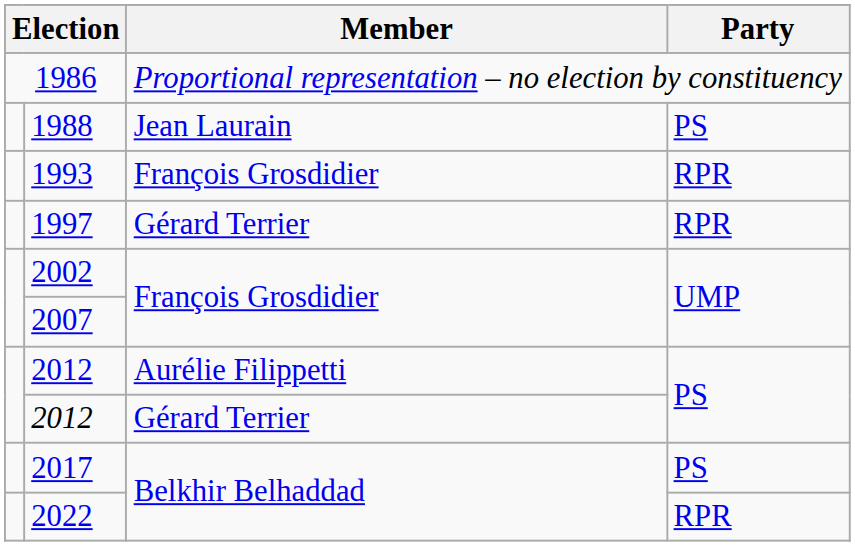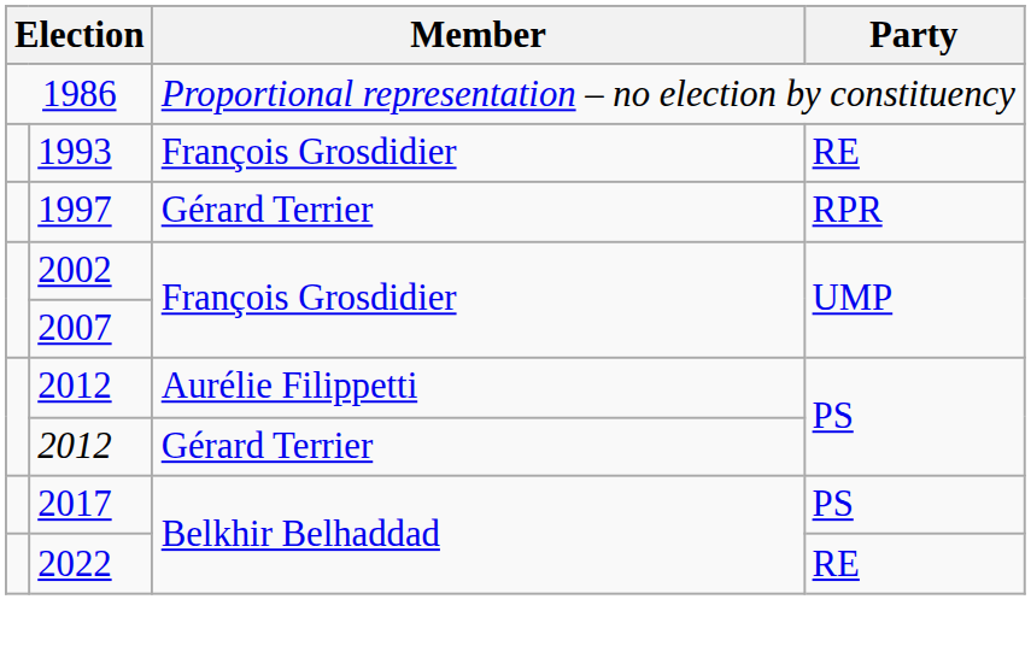 <table class="wikitable">
 <tr>
 <th colspan="2">Election</th>
 <th>Member</th>
 <th>Party</th>
 </tr>
 <tr>
 <td colspan="2" align="center"><a href='#'>1986</a></td>
 <td colspan="2"><em><a href='#'>Proportional representation</a> – no election by constituency</em></td>
 </tr>
 <tr>
 <td style="color:inherit;background-color: "></td>
-<td><a href='#'>1988</a></td>
-<td><a href='#'>Jean Laurain</a></td>
-<td><a href='#'>PS</a></td>
-</tr>
-<tr>
-<td style="color:inherit;background-color: "></td>
 <td><a href='#'>1993</a></td>
 <td><a href='#'>François Grosdidier</a></td>
-<td><a href='#'>RPR</a></td>
+<td><a href='#'>RE</a></td>
 </tr>
 <tr>
 <td style="color:inherit;background-color: "></td>
 <td><a href='#'>1997</a></td>
 <td><a href='#'>Gérard Terrier</a></td>
 <td><a href='#'>RPR</a></td>
 </tr>
 <tr>
 <td rowspan="2" style="color:inherit;background-color: "></td>
 <td><a href='#'>2002</a></td>
 <td rowspan="2"><a href='#'>François Grosdidier</a></td>
 <td rowspan="2"><a href='#'>UMP</a></td>
 </tr>
 <tr>
 <td><a href='#'>2007</a></td>
 </tr>
 <tr>
 <td rowspan="2" style="color:inherit;background-color: "></td>
 <td><a href='#'>2012</a></td>
 <td><a href='#'>Aurélie Filippetti</a></td>
 <td rowspan="2"><a href='#'>PS</a></td>
 </tr>
 <tr>
 <td><em>2012</em></td>
 <td><a href='#'>Gérard Terrier</a></td>
 </tr>
 <tr>
 <td style="color:inherit;background-color: "></td>
 <td><a href='#'>2017</a></td>
 <td rowspan="2"><a href='#'>Belkhir Belhaddad</a></td>
 <td><a href='#'>PS</a></td>
 </tr>
 <tr>
 <td style="color:inherit;background-color: "></td>
 <td><a href='#'>2022</a></td>
-<td><a href='#'>RPR</a></td>
+<td><a href='#'>RE</a></td>
 </tr>
 </table>
